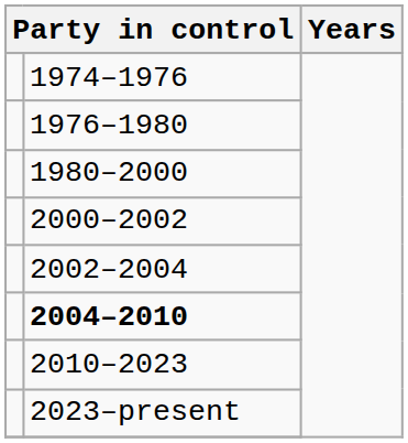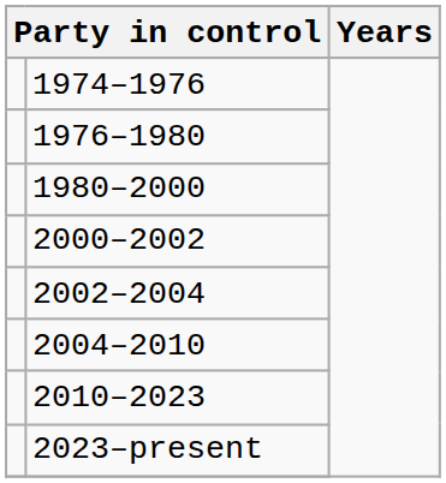 <table class="wikitable">
 <tr>
 <th colspan="2">Party in control</th>
 <th>Years</th>
 </tr>
 <tr>
 <td></td>
 <td>1974–1976</td>
 </tr>
 <tr>
 <td></td>
 <td>1976–1980</td>
 </tr>
 <tr>
 <td></td>
 <td>1980–2000</td>
 </tr>
 <tr>
 <td></td>
 <td>2000–2002</td>
 </tr>
 <tr>
 <td></td>
 <td>2002–2004</td>
 </tr>
 <tr>
 <td></td>
-<td><strong>2004–2010</strong></td>
+<td>2004–2010</td>
 </tr>
 <tr>
 <td></td>
 <td>2010–2023</td>
 </tr>
 <tr>
 <td></td>
 <td>2023–present</td>
 </tr>
 <tr>
 </tr>
 </table>
